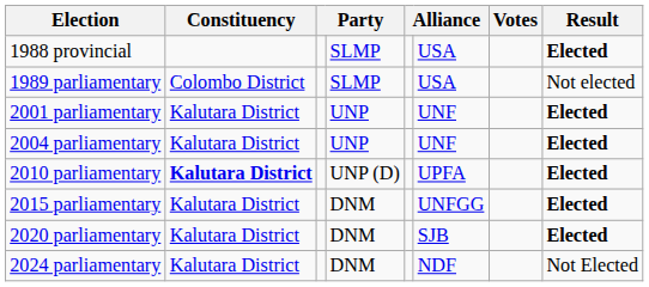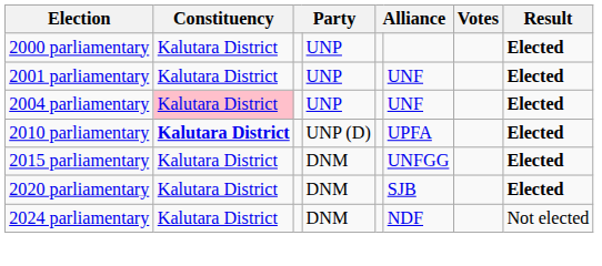 <table class="wikitable" style="text-align:left;">
 <tr>
 <th scope=col>Election</th>
 <th scope=col>Constituency</th>
 <th scope=col colspan="2">Party</th>
 <th scope=col colspan="2">Alliance</th>
 <th scope=col>Votes</th>
 <th scope=col>Result</th>
 </tr>
 <tr>
-<td>1988 provincial</td>
+<td><a href='#'>2000 parliamentary</a></td>
+<td><a href='#'>Kalutara District</a></td>
+<td style="background:"></td>
+<td><a href='#'>UNP</a></td>
 <td></td>
-<td style="background:"></td>
-<td><a href='#'>SLMP</a></td>
-<td style="background:"></td>
-<td><a href='#'>USA</a></td>
 <td></td>
+<td align=right></td>
 <td><strong>Elected</strong></td>
-</tr>
-<tr>
-<td><a href='#'>1989 parliamentary</a></td>
-<td><a href='#'>Colombo District</a></td>
-<td style="background:"></td>
-<td><a href='#'>SLMP</a></td>
-<td style="background:"></td>
-<td><a href='#'>USA</a></td>
-<td align=right></td>
-<td>Not elected</td>
 </tr>
 <tr>
 <td><a href='#'>2001 parliamentary</a></td>
 <td><a href='#'>Kalutara District</a></td>
 <td style="background:"></td>
 <td><a href='#'>UNP</a></td>
 <td style="background:"></td>
 <td><a href='#'>UNF</a></td>
 <td align=right></td>
 <td><strong>Elected</strong></td>
 </tr>
 <tr>
 <td><a href='#'>2004 parliamentary</a></td>
-<td><a href='#'>Kalutara District</a></td>
+<td style="background: pink;"><a href='#'>Kalutara District</a></td>
 <td style="background:"></td>
 <td><a href='#'>UNP</a></td>
 <td style="background:"></td>
 <td><a href='#'>UNF</a></td>
 <td align=right></td>
 <td><strong>Elected</strong></td>
 </tr>
 <tr>
 <td><a href='#'>2010 parliamentary</a></td>
 <td><strong><a href='#'>Kalutara District</a></strong></td>
 <td style="background:"></td>
 <td>UNP (D)</td>
 <td style="background:"></td>
 <td><a href='#'>UPFA</a></td>
 <td align=right></td>
 <td><strong>Elected</strong></td>
 </tr>
 <tr>
 <td><a href='#'>2015 parliamentary</a></td>
 <td><a href='#'>Kalutara District</a></td>
 <td></td>
 <td>DNM</td>
 <td style="background:"></td>
 <td><a href='#'>UNFGG</a></td>
 <td align=right></td>
 <td><strong>Elected</strong></td>
 </tr>
 <tr>
 <td><a href='#'>2020 parliamentary</a></td>
 <td><a href='#'>Kalutara District</a></td>
 <td></td>
 <td>DNM</td>
 <td style="background:"></td>
 <td><a href='#'>SJB</a></td>
 <td align=right></td>
 <td><strong>Elected</strong></td>
 </tr>
 <tr>
 <td><a href='#'>2024 parliamentary</a></td>
 <td><a href='#'>Kalutara District</a></td>
 <td></td>
 <td>DNM</td>
 <td style="background:"></td>
 <td><a href='#'>NDF</a></td>
 <td align=right></td>
-<td>Not Elected</td>
+<td>Not elected</td>
 </tr>
 </table>
